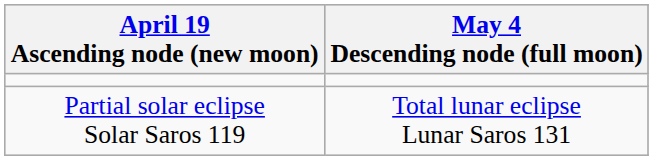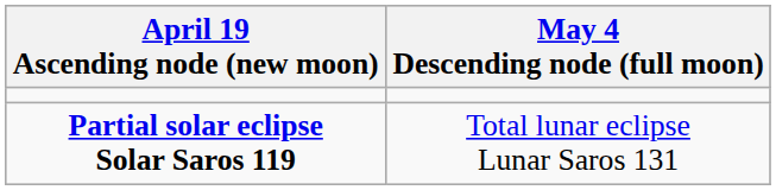 <table class="wikitable">
 <tr>
 <th><a href='#'>April 19</a><br>Ascending node (new moon)<br></th>
 <th><a href='#'>May 4</a><br>Descending node (full moon)<br></th>
 </tr>
 <tr>
 <td></td>
 <td></td>
 </tr>
 <tr align=center>
-<td><a href='#'>Partial solar eclipse</a><br>Solar Saros 119</td>
+<td><strong><a href='#'>Partial solar eclipse</a><br>Solar Saros 119</strong></td>
 <td><a href='#'>Total lunar eclipse</a><br>Lunar Saros 131</td>
 </tr>
 </table>
